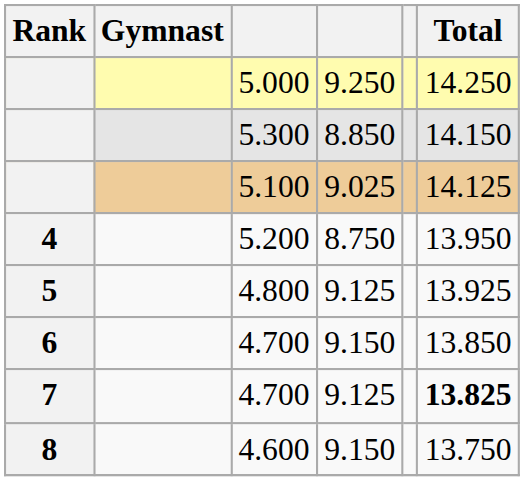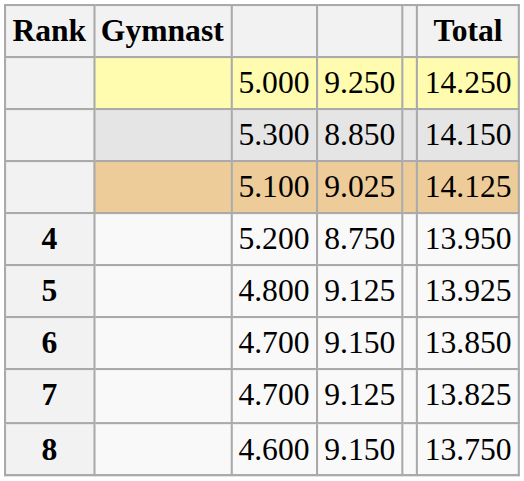 <table class="wikitable sortable" style="text-align:center; font-size:95%">
 <tr>
 <th scope=col>Rank</th>
 <th scope=col>Gymnast</th>
 <th scope=col></th>
 <th scope=col></th>
 <th scope=col></th>
 <th scope=col>Total</th>
 </tr>
 <tr bgcolor=fffcaf>
 <th scope=row></th>
 <td align=left></td>
 <td>5.000</td>
 <td>9.250</td>
 <td></td>
 <td>14.250</td>
 </tr>
 <tr bgcolor=e5e5e5>
 <th scope=row></th>
 <td align=left></td>
 <td>5.300</td>
 <td>8.850</td>
 <td></td>
 <td>14.150</td>
 </tr>
 <tr bgcolor=eecc99>
 <th scope=row></th>
 <td align=left></td>
 <td>5.100</td>
 <td>9.025</td>
 <td></td>
 <td>14.125</td>
 </tr>
 <tr>
 <th scope=row>4</th>
 <td align=left></td>
 <td>5.200</td>
 <td>8.750</td>
 <td></td>
 <td>13.950</td>
 </tr>
 <tr>
 <th scope=row>5</th>
 <td align=left></td>
 <td>4.800</td>
 <td>9.125</td>
 <td></td>
 <td>13.925</td>
 </tr>
 <tr>
 <th scope=row>6</th>
 <td align=left></td>
 <td>4.700</td>
 <td>9.150</td>
 <td></td>
 <td>13.850</td>
 </tr>
 <tr>
 <th scope=row>7</th>
 <td align=left></td>
 <td>4.700</td>
 <td>9.125</td>
 <td></td>
-<td><strong>13.825</strong></td>
+<td>13.825</td>
 </tr>
 <tr>
 <th scope=row>8</th>
 <td align=left></td>
 <td>4.600</td>
 <td>9.150</td>
 <td></td>
 <td>13.750</td>
 </tr>
 <tr>
 </tr>
 </table>
